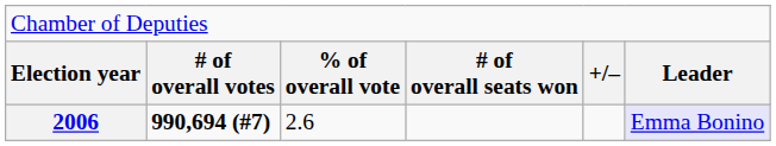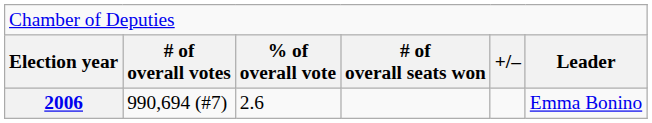 <table class=wikitable>
 <tr>
 <td colspan=7><a href='#'>Chamber of Deputies</a></td>
 </tr>
 <tr>
 <th>Election year</th>
 <th># of<br>overall votes</th>
 <th>% of<br>overall vote</th>
 <th># of<br>overall seats won</th>
 <th>+/–</th>
 <th>Leader</th>
 </tr>
 <tr>
 <th><a href='#'>2006</a></th>
-<td><strong>990,694 (#7)</strong></td>
+<td>990,694 (#7)</td>
 <td>2.6</td>
 <td></td>
 <td></td>
-<td style="background: lavender;"><a href='#'>Emma Bonino</a></td>
+<td><a href='#'>Emma Bonino</a></td>
 </tr>
 </table>
